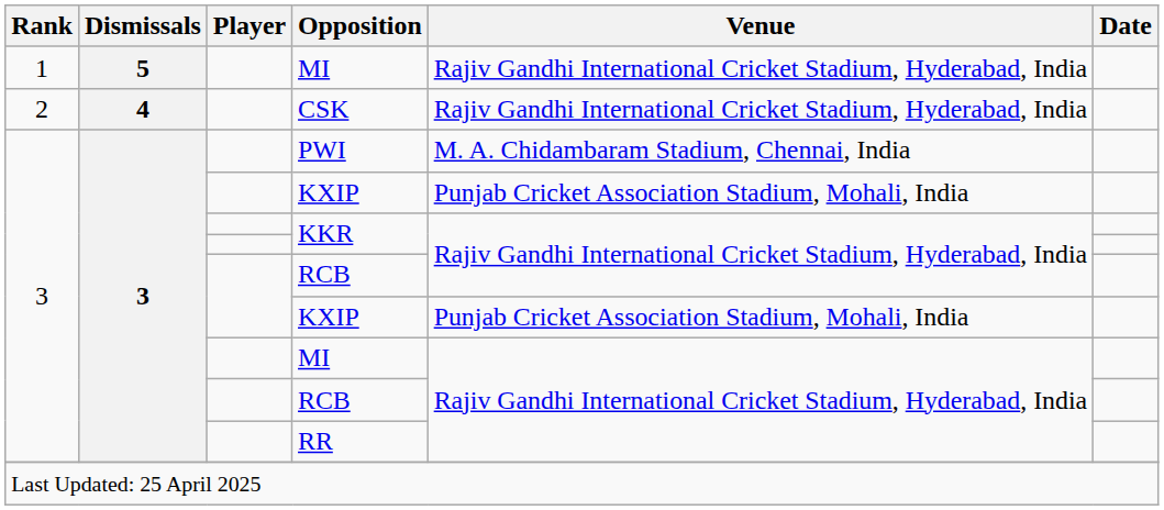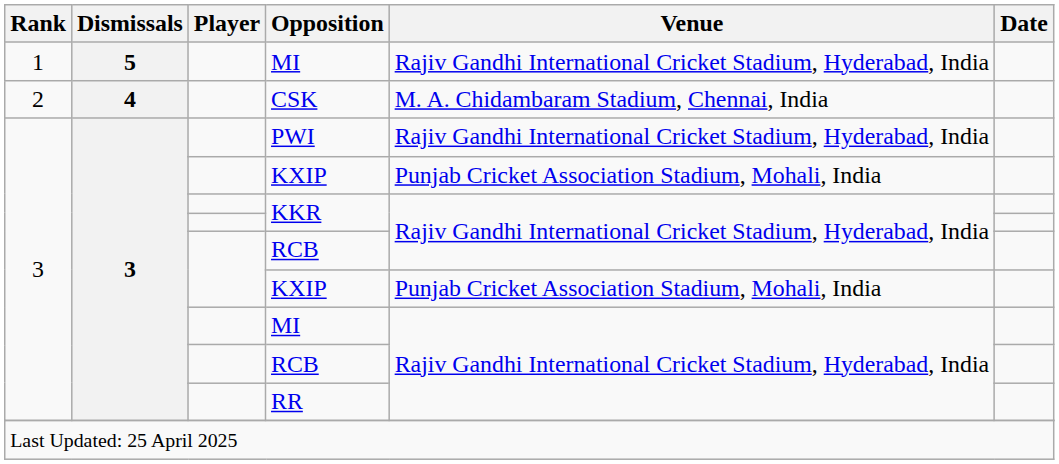 <table class="wikitable">
 <tr>
 <th style="text-align:center;">Rank</th>
 <th style="text-align:center;">Dismissals</th>
 <th style="text-align:center;">Player</th>
 <th style="text-align:center;">Opposition</th>
 <th style="text-align:center;">Venue</th>
 <th style="text-align:center;">Date</th>
 </tr>
 <tr>
 <td align=center>1</td>
 <th scope=row style=text-align:center;>5</th>
 <td></td>
 <td><a href='#'>MI</a></td>
 <td><a href='#'>Rajiv Gandhi International Cricket Stadium</a>, <a href='#'>Hyderabad</a>, India</td>
 <td></td>
 </tr>
 <tr>
 <td align=center>2</td>
 <th scope=row style=text-align:center;>4</th>
 <td></td>
 <td><a href='#'>CSK</a></td>
-<td><a href='#'>Rajiv Gandhi International Cricket Stadium</a>, <a href='#'>Hyderabad</a>, India</td>
+<td><a href='#'>M. A. Chidambaram Stadium</a>, <a href='#'>Chennai</a>, India</td>
 <td></td>
 </tr>
 <tr>
 <td align=center rowspan=9>3</td>
 <th scope=row style=text-align:center; rowspan=9>3</th>
 <td></td>
 <td><a href='#'>PWI</a></td>
-<td><a href='#'>M. A. Chidambaram Stadium</a>, <a href='#'>Chennai</a>, India</td>
+<td><a href='#'>Rajiv Gandhi International Cricket Stadium</a>, <a href='#'>Hyderabad</a>, India</td>
 <td></td>
 </tr>
 <tr>
 <td></td>
 <td><a href='#'>KXIP</a></td>
 <td><a href='#'>Punjab Cricket Association Stadium</a>, <a href='#'>Mohali</a>, India</td>
 <td></td>
 </tr>
 <tr>
 <td></td>
 <td rowspan=2><a href='#'>KKR</a></td>
 <td rowspan=3><a href='#'>Rajiv Gandhi International Cricket Stadium</a>, <a href='#'>Hyderabad</a>, India</td>
 <td></td>
 </tr>
 <tr>
 <td></td>
 <td></td>
 </tr>
 <tr>
 <td rowspan=2></td>
 <td><a href='#'>RCB</a></td>
 <td></td>
 </tr>
 <tr>
 <td><a href='#'>KXIP</a></td>
 <td><a href='#'>Punjab Cricket Association Stadium</a>, <a href='#'>Mohali</a>, India</td>
 <td></td>
 </tr>
 <tr>
 <td></td>
 <td><a href='#'>MI</a></td>
 <td rowspan=3><a href='#'>Rajiv Gandhi International Cricket Stadium</a>, <a href='#'>Hyderabad</a>, India</td>
 <td></td>
 </tr>
 <tr>
 <td></td>
 <td><a href='#'>RCB</a></td>
 <td></td>
 </tr>
 <tr>
 <td></td>
 <td><a href='#'>RR</a></td>
 <td></td>
 </tr>
 <tr>
 </tr>
 <tr class=sortbottom>
 <td colspan=6><small>Last Updated: 25 April 2025</small></td>
 </tr>
 </table>
